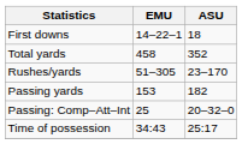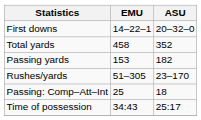 <table class="wikitable" style="float: left;">
 <tr>
 <th>Statistics</th>
 <th>EMU</th>
 <th>ASU</th>
 </tr>
 <tr>
 <td>First downs</td>
 <td>14–22–1</td>
-<td>18</td>
+<td>20–32–0</td>
 </tr>
 <tr>
 <td>Total yards</td>
 <td>458</td>
 <td>352</td>
 </tr>
 <tr>
+<td>Passing yards</td>
+<td>153</td>
+<td>182</td>
+</tr>
+<tr>
 <td>Rushes/yards</td>
 <td>51–305</td>
 <td>23–170</td>
 </tr>
 <tr>
-<td>Passing yards</td>
-<td>153</td>
-<td>182</td>
-</tr>
-<tr>
 <td>Passing: Comp–Att–Int</td>
 <td>25</td>
-<td>20–32–0</td>
+<td>18</td>
 </tr>
 <tr>
 <td>Time of possession</td>
 <td>34:43</td>
 <td>25:17</td>
 </tr>
 <tr>
 </tr>
 </table>
